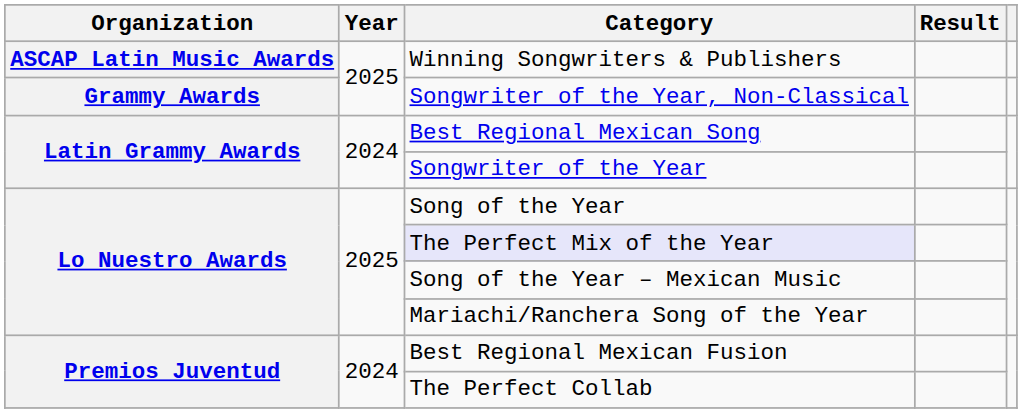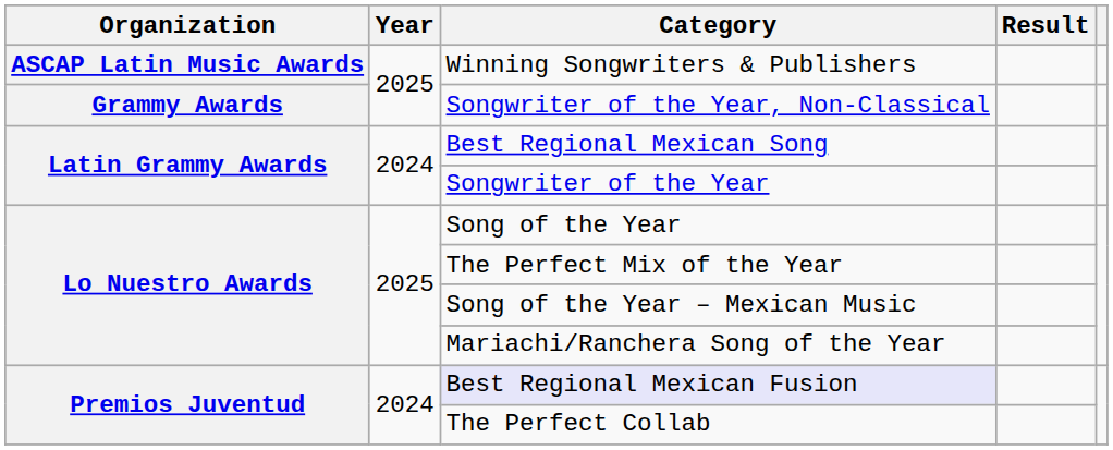 <table class="wikitable sortable plainrowheaders" style="border:none; margin:0;">
 <tr>
 <th scope="col">Organization</th>
 <th scope="col">Year</th>
 <th scope="col">Category</th>
 <th scope="col">Result</th>
 <th class="unsortable" scope="col"></th>
 </tr>
 <tr>
 <th scope="row"><a href='#'>ASCAP Latin Music Awards</a></th>
 <td rowspan="2">2025</td>
 <td>Winning Songwriters & Publishers</td>
 <td></td>
 <td style="text-align:center;"></td>
 </tr>
 <tr>
 <th scope="row" rowspan="1"><a href='#'>Grammy Awards</a></th>
 <td><a href='#'>Songwriter of the Year, Non-Classical</a></td>
 <td></td>
 <td style="text-align:center;" rowspan="1"></td>
 </tr>
 <tr>
 <th scope="row" rowspan="2"><a href='#'>Latin Grammy Awards</a></th>
 <td rowspan="2">2024</td>
 <td><a href='#'>Best Regional Mexican Song</a></td>
 <td></td>
 <td style="text-align:center;" rowspan="2"></td>
 </tr>
 <tr>
 <td><a href='#'>Songwriter of the Year</a></td>
 <td></td>
 </tr>
 <tr>
 <th scope="row" rowspan="4"><a href='#'>Lo Nuestro Awards</a></th>
 <td rowspan="4">2025</td>
 <td>Song of the Year</td>
 <td></td>
 <td style="text-align:center;" rowspan="4"></td>
 </tr>
 <tr>
-<td style="background: lavender;">The Perfect Mix of the Year</td>
+<td>The Perfect Mix of the Year</td>
 <td></td>
 </tr>
 <tr>
 <td>Song of the Year – Mexican Music</td>
 <td></td>
 </tr>
 <tr>
 <td>Mariachi/Ranchera Song of the Year</td>
 <td></td>
 </tr>
 <tr>
 <th scope="row" rowspan="2"><a href='#'>Premios Juventud</a></th>
 <td rowspan="2">2024</td>
-<td>Best Regional Mexican Fusion</td>
+<td style="background: lavender;">Best Regional Mexican Fusion</td>
 <td></td>
 <td style="text-align:center;" rowspan="2"></td>
 </tr>
 <tr>
 <td>The Perfect Collab</td>
 <td></td>
 </tr>
 <tr>
 </tr>
 </table>
